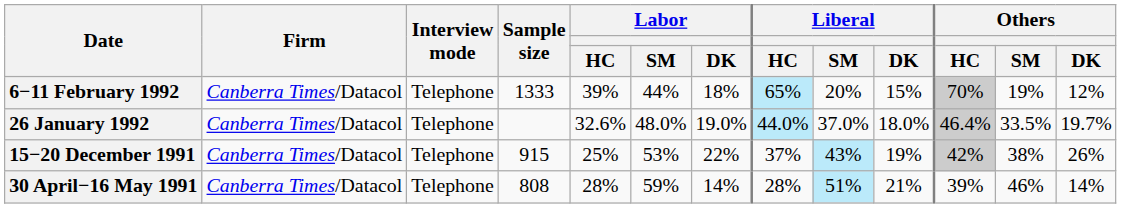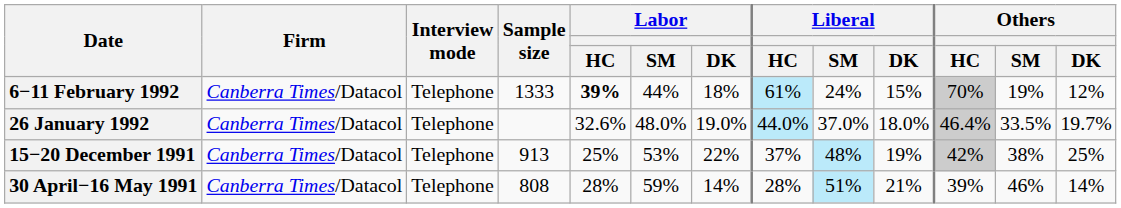 <table class="nowrap wikitable sortable tpl-blanktable" style=text-align:center;font-size:100%>
 <tr>
 <th rowspan=3>Date</th>
 <th rowspan=3>Firm</th>
 <th rowspan=3 class=unsortable>Interview<br>mode</th>
 <th rowspan=3 class=unsortable>Sample<br>size</th>
 <th colspan="3"><a href='#'>Labor</a></th>
 <th colspan="3" style="border-left:2px solid gray;"><a href='#'>Liberal</a></th>
 <th colspan="3" style="border-left:2px solid gray;">Others</th>
 </tr>
 <tr>
 <th colspan="3" style="background:"></th>
 <th colspan="3" style="border-left:2px solid gray;background:"></th>
 <th colspan="3" style="border-left:2px solid gray;background:"></th>
 </tr>
 <tr>
 <th>HC</th>
 <th>SM</th>
 <th>DK</th>
 <th style="border-left:2px solid gray;">HC</th>
 <th>SM</th>
 <th>DK</th>
 <th style="border-left:2px solid gray;">HC</th>
 <th>SM</th>
 <th>DK</th>
 </tr>
 <tr>
 <th style=text-align:left>6−11 February 1992</th>
 <td style=text-align:left><em><a href='#'>Canberra Times</a></em>/Datacol</td>
 <td>Telephone</td>
 <td>1333</td>
-<td>39%</td>
+<td><strong>39%</strong></td>
 <td>44%</td>
 <td>18%</td>
-<td style="border-left:2px solid gray; background:#bbeafa">65%</td>
-<td>20%</td>
+<td style="border-left:2px solid gray; background:#bbeafa">61%</td>
+<td>24%</td>
 <td>15%</td>
 <td style="border-left:2px solid gray; background:#CCCCCC">70%</td>
 <td>19%</td>
 <td>12%</td>
 </tr>
 <tr>
 <th style=text-align:left>26 January 1992</th>
 <td style=text-align:left><em><a href='#'>Canberra Times</a></em>/Datacol</td>
 <td>Telephone</td>
 <td></td>
 <td>32.6%</td>
 <td>48.0%</td>
 <td>19.0%</td>
 <td style="border-left:2px solid gray; background:#bbeafa">44.0%</td>
 <td>37.0%</td>
 <td>18.0%</td>
 <td style="border-left:2px solid gray; background:#CCCCCC">46.4%</td>
 <td>33.5%</td>
 <td>19.7%</td>
 </tr>
 <tr>
 <th style=text-align:left>15−20 December 1991</th>
 <td style=text-align:left><em><a href='#'>Canberra Times</a></em>/Datacol</td>
 <td>Telephone</td>
-<td>915</td>
+<td>913</td>
 <td>25%</td>
 <td>53%</td>
 <td>22%</td>
 <td style="border-left:2px solid gray">37%</td>
-<td style=background:#bbeafa>43%</td>
+<td style=background:#bbeafa>48%</td>
 <td>19%</td>
 <td style="border-left:2px solid gray; background:#CCCCCC">42%</td>
 <td>38%</td>
-<td>26%</td>
+<td>25%</td>
 </tr>
 <tr>
 <th style=text-align:left>30 April−16 May 1991</th>
 <td style=text-align:left><em><a href='#'>Canberra Times</a></em>/Datacol</td>
 <td>Telephone</td>
 <td>808</td>
 <td>28%</td>
 <td>59%</td>
 <td>14%</td>
 <td style="border-left:2px solid gray">28%</td>
 <td style=background:#bbeafa>51%</td>
 <td>21%</td>
 <td style="border-left:2px solid gray">39%</td>
 <td>46%</td>
 <td>14%</td>
 </tr>
 </table>
